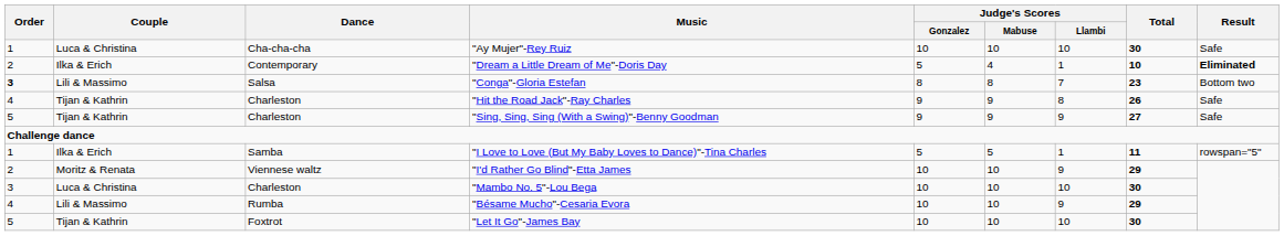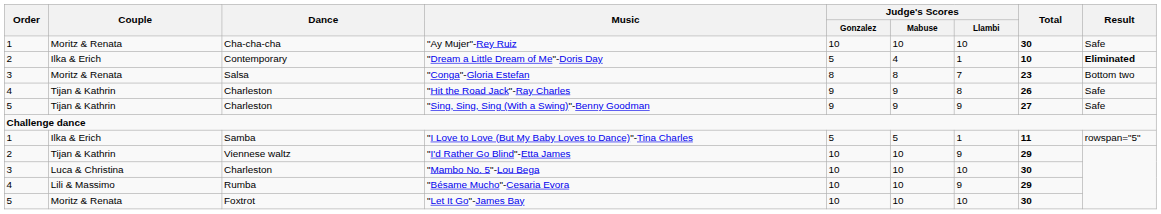 <table class="wikitable sortable center">
 <tr>
 <th rowspan="2" style="width: 4em">Order</th>
 <th rowspan="2" style="width: 17em">Couple</th>
 <th rowspan="2" style="width: 20em">Dance</th>
 <th rowspan="2" style="width: 40em">Music</th>
 <th colspan="3">Judge's Scores</th>
 <th rowspan="2" style="width: 6em">Total</th>
 <th rowspan="2" style="width: 7em">Result</th>
 </tr>
 <tr>
 <th style="width: 6em"><small>Gonzalez</small></th>
 <th style="width: 6em"><small>Mabuse</small></th>
 <th style="width: 6em"><small>Llambi</small></th>
 </tr>
 <tr>
 <td>1</td>
-<td>Luca & Christina</td>
+<td>Moritz & Renata</td>
 <td>Cha-cha-cha</td>
 <td>"Ay Mujer"-<a href='#'>Rey Ruiz</a></td>
 <td>10</td>
 <td>10</td>
 <td>10</td>
 <td><strong>30</strong></td>
 <td>Safe</td>
 </tr>
 <tr>
 <td>2</td>
 <td>Ilka & Erich</td>
 <td>Contemporary</td>
 <td>"<a href='#'>Dream a Little Dream of Me</a>"-<a href='#'>Doris Day</a></td>
 <td>5</td>
 <td>4</td>
 <td>1</td>
 <td><strong>10</strong></td>
 <td><strong>Eliminated</strong></td>
 </tr>
 <tr>
-<td><strong>3</strong></td>
-<td>Lili & Massimo</td>
+<td>3</td>
+<td>Moritz & Renata</td>
 <td>Salsa</td>
 <td>"<a href='#'>Conga</a>"-<a href='#'>Gloria Estefan</a></td>
 <td>8</td>
 <td>8</td>
 <td>7</td>
 <td><strong>23</strong></td>
 <td>Bottom two</td>
 </tr>
 <tr>
 <td>4</td>
 <td>Tijan & Kathrin</td>
 <td>Charleston</td>
 <td>"<a href='#'>Hit the Road Jack</a>"-<a href='#'>Ray Charles</a></td>
 <td>9</td>
 <td>9</td>
 <td>8</td>
 <td><strong>26</strong></td>
 <td>Safe</td>
 </tr>
 <tr>
 <td>5</td>
 <td>Tijan & Kathrin</td>
 <td>Charleston</td>
 <td>"<a href='#'>Sing, Sing, Sing (With a Swing)</a>"-<a href='#'>Benny Goodman</a></td>
 <td>9</td>
 <td>9</td>
 <td>9</td>
 <td><strong>27</strong></td>
 <td>Safe</td>
 </tr>
 <tr>
 <td colspan="9"><strong>Challenge dance</strong></td>
 </tr>
 <tr>
 <td>1</td>
 <td>Ilka & Erich</td>
 <td>Samba</td>
 <td>"<a href='#'>I Love to Love (But My Baby Loves to Dance)</a>"-<a href='#'>Tina Charles</a></td>
 <td>5</td>
 <td>5</td>
 <td>1</td>
 <td><strong>11</strong></td>
 <td>rowspan="5" </td>
 </tr>
 <tr>
 <td>2</td>
-<td>Moritz & Renata</td>
+<td>Tijan & Kathrin</td>
 <td>Viennese waltz</td>
 <td>"<a href='#'>I'd Rather Go Blind</a>"-<a href='#'>Etta James</a></td>
 <td>10</td>
 <td>10</td>
 <td>9</td>
 <td><strong>29</strong></td>
 </tr>
 <tr>
 <td>3</td>
 <td>Luca & Christina</td>
 <td>Charleston</td>
 <td>"<a href='#'>Mambo No. 5</a>"-<a href='#'>Lou Bega</a></td>
 <td>10</td>
 <td>10</td>
 <td>10</td>
 <td><strong>30</strong></td>
 </tr>
 <tr>
 <td>4</td>
 <td>Lili & Massimo</td>
 <td>Rumba</td>
 <td>"<a href='#'>Bésame Mucho</a>"-<a href='#'>Cesaria Evora</a></td>
 <td>10</td>
 <td>10</td>
 <td>9</td>
 <td><strong>29</strong></td>
 </tr>
 <tr>
 <td>5</td>
-<td>Tijan & Kathrin</td>
+<td>Moritz & Renata</td>
 <td>Foxtrot</td>
 <td>"<a href='#'>Let It Go</a>"-<a href='#'>James Bay</a></td>
 <td>10</td>
 <td>10</td>
 <td>10</td>
 <td><strong>30</strong></td>
 </tr>
 </table>
